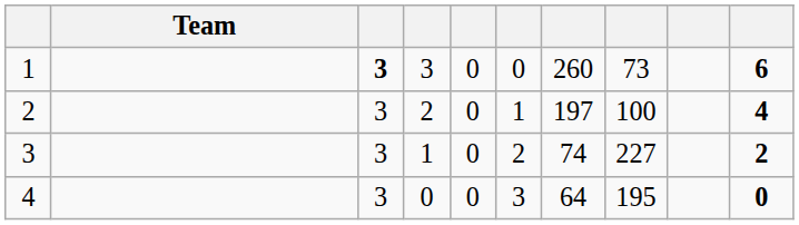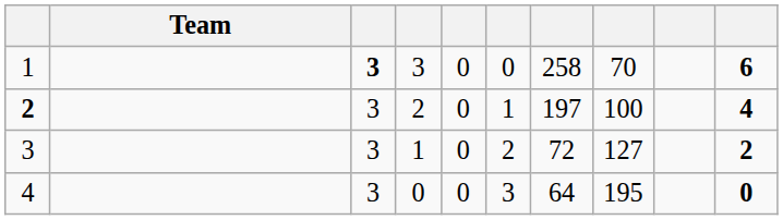 <table class=wikitable style=text-align:center>
 <tr>
 <th width=20 abbr=Position></th>
 <th width=175>Team</th>
 <th width=20 abbr=Played></th>
 <th width=20 abbr=Won></th>
 <th width=20 abbr=Drawn></th>
 <th width=20 abbr=Lost></th>
 <th width=30 abbr=Goal for></th>
 <th width=30 abbr=Goal against></th>
 <th width=30 abbr=Goal difference></th>
 <th width=30 abbr=Points></th>
 </tr>
 <tr>
 <td>1 </td>
 <td align=left></td>
 <td><strong>3</strong></td>
 <td>3</td>
 <td>0</td>
 <td>0</td>
-<td>260</td>
-<td>73</td>
+<td>258</td>
+<td>70</td>
 <td></td>
 <td><strong>6</strong></td>
 </tr>
 <tr>
-<td>2 </td>
+<td><strong>2 </strong></td>
 <td align=left></td>
 <td>3</td>
 <td>2</td>
 <td>0</td>
 <td>1</td>
 <td>197</td>
 <td>100</td>
 <td></td>
 <td><strong>4</strong></td>
 </tr>
 <tr>
 <td>3 </td>
 <td align=left></td>
 <td>3</td>
 <td>1</td>
 <td>0</td>
 <td>2</td>
-<td>74</td>
-<td>227</td>
+<td>72</td>
+<td>127</td>
 <td></td>
 <td><strong>2</strong></td>
 </tr>
 <tr>
 <td>4 </td>
 <td align=left></td>
 <td>3</td>
 <td>0</td>
 <td>0</td>
 <td>3</td>
 <td>64</td>
 <td>195</td>
 <td></td>
 <td><strong>0</strong></td>
 </tr>
 </table>
